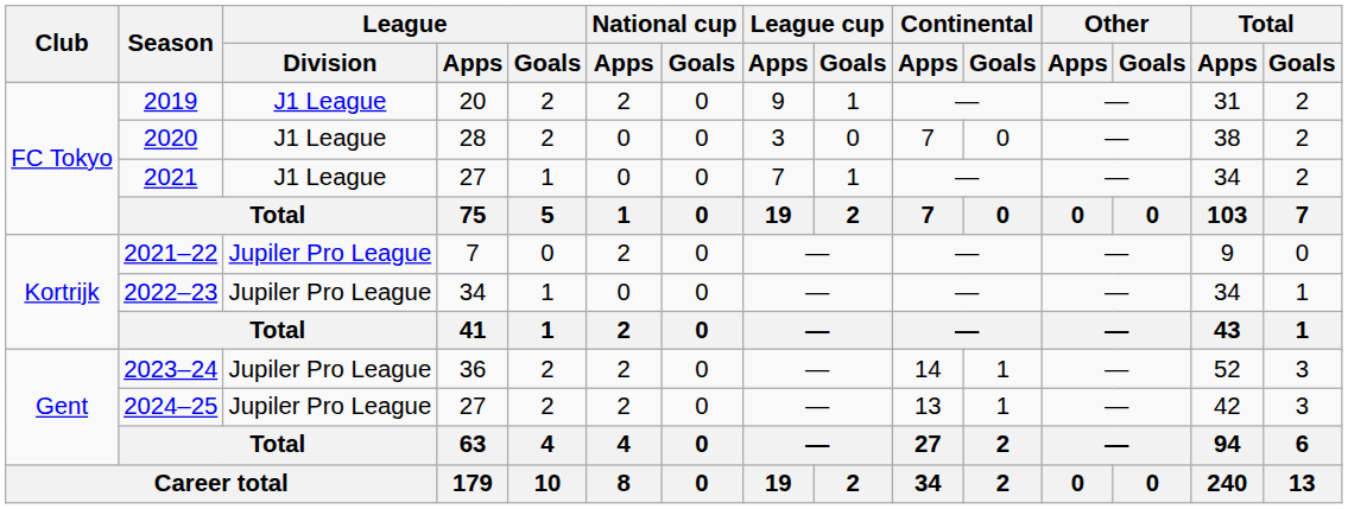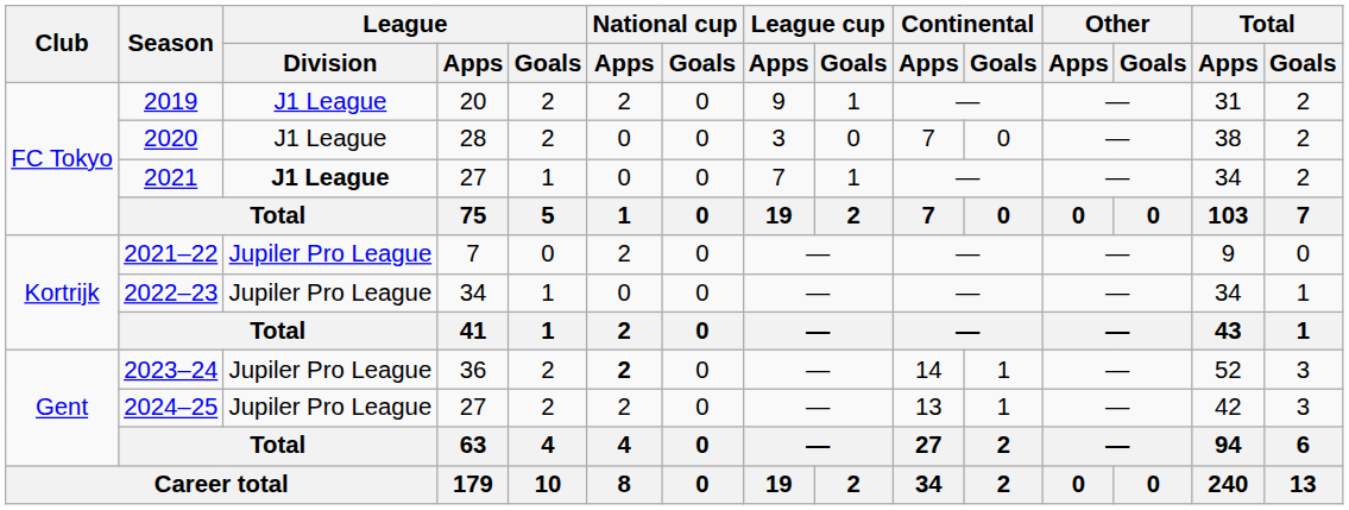 <table class="wikitable" style="text-align:center">
 <tr>
 <th rowspan="2">Club</th>
 <th rowspan="2">Season</th>
 <th colspan="3">League</th>
 <th colspan="2">National cup</th>
 <th colspan="2">League cup</th>
 <th colspan="2">Continental</th>
 <th colspan="2">Other</th>
 <th colspan="2">Total</th>
 </tr>
 <tr>
 <th>Division</th>
 <th>Apps</th>
 <th>Goals</th>
 <th>Apps</th>
 <th>Goals</th>
 <th>Apps</th>
 <th>Goals</th>
 <th>Apps</th>
 <th>Goals</th>
 <th>Apps</th>
 <th>Goals</th>
 <th>Apps</th>
 <th>Goals</th>
 </tr>
 <tr>
 <td rowspan="4"><a href='#'>FC Tokyo</a></td>
 <td><a href='#'>2019</a></td>
 <td><a href='#'>J1 League</a></td>
 <td>20</td>
 <td>2</td>
 <td>2</td>
 <td>0</td>
 <td>9</td>
 <td>1</td>
 <td colspan=2>—</td>
 <td colspan=2>—</td>
 <td>31</td>
 <td>2</td>
 </tr>
 <tr>
 <td><a href='#'>2020</a></td>
 <td>J1 League</td>
 <td>28</td>
 <td>2</td>
 <td>0</td>
 <td>0</td>
 <td>3</td>
 <td>0</td>
 <td>7</td>
 <td>0</td>
 <td colspan=2>—</td>
 <td>38</td>
 <td>2</td>
 </tr>
 <tr>
 <td><a href='#'>2021</a></td>
-<td>J1 League</td>
+<td><strong>J1 League</strong></td>
 <td>27</td>
 <td>1</td>
 <td>0</td>
 <td>0</td>
 <td>7</td>
 <td>1</td>
 <td colspan=2>—</td>
 <td colspan=2>—</td>
 <td>34</td>
 <td>2</td>
 </tr>
 <tr>
 <th colspan=2>Total</th>
 <th>75</th>
 <th>5</th>
 <th>1</th>
 <th>0</th>
 <th>19</th>
 <th>2</th>
 <th>7</th>
 <th>0</th>
 <th>0</th>
 <th>0</th>
 <th>103</th>
 <th>7</th>
 </tr>
 <tr>
 <td rowspan="3"><a href='#'>Kortrijk</a></td>
 <td><a href='#'>2021–22</a></td>
 <td><a href='#'>Jupiler Pro League</a></td>
 <td>7</td>
 <td>0</td>
 <td>2</td>
 <td>0</td>
 <td colspan=2>—</td>
 <td colspan=2>—</td>
 <td colspan=2>—</td>
 <td>9</td>
 <td>0</td>
 </tr>
 <tr>
 <td><a href='#'>2022–23</a></td>
 <td>Jupiler Pro League</td>
 <td>34</td>
 <td>1</td>
 <td>0</td>
 <td>0</td>
 <td colspan=2>—</td>
 <td colspan=2>—</td>
 <td colspan=2>—</td>
 <td>34</td>
 <td>1</td>
 </tr>
 <tr>
 <th colspan=2>Total</th>
 <th>41</th>
 <th>1</th>
 <th>2</th>
 <th>0</th>
 <th colspan=2>—</th>
 <th colspan=2>—</th>
 <th colspan=2>—</th>
 <th>43</th>
 <th>1</th>
 </tr>
 <tr>
 <td rowspan="3"><a href='#'>Gent</a></td>
 <td><a href='#'>2023–24</a></td>
 <td>Jupiler Pro League</td>
 <td>36</td>
 <td>2</td>
-<td>2</td>
+<td><strong>2</strong></td>
 <td>0</td>
 <td colspan=2>—</td>
 <td>14</td>
 <td>1</td>
 <td colspan=2>—</td>
 <td>52</td>
 <td>3</td>
 </tr>
 <tr>
 <td><a href='#'>2024–25</a></td>
 <td>Jupiler Pro League</td>
 <td>27</td>
 <td>2</td>
 <td>2</td>
 <td>0</td>
 <td colspan=2>—</td>
 <td>13</td>
 <td>1</td>
 <td colspan=2>—</td>
 <td>42</td>
 <td>3</td>
 </tr>
 <tr>
 <th colspan=2>Total</th>
 <th>63</th>
 <th>4</th>
 <th>4</th>
 <th>0</th>
 <th colspan=2>—</th>
 <th>27</th>
 <th>2</th>
 <th colspan=2>—</th>
 <th>94</th>
 <th>6</th>
 </tr>
 <tr>
 <th colspan=3>Career total</th>
 <th>179</th>
 <th>10</th>
 <th>8</th>
 <th>0</th>
 <th>19</th>
 <th>2</th>
 <th>34</th>
 <th>2</th>
 <th>0</th>
 <th>0</th>
 <th>240</th>
 <th>13</th>
 </tr>
 </table>
